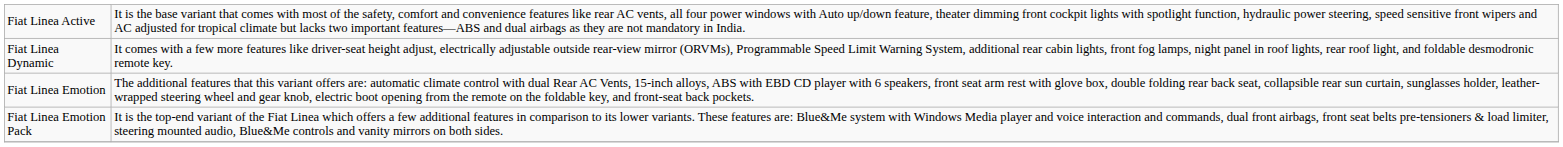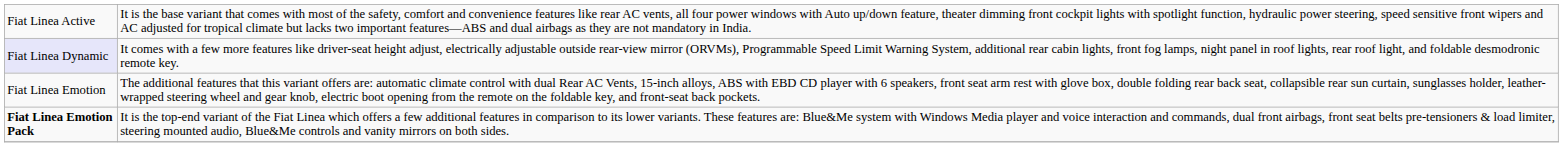 <table class="wikitable">
 <tr>
 <td>Fiat Linea Active</td>
 <td>It is the base variant that comes with most of the safety, comfort and convenience features like rear AC vents, all four power windows with Auto up/down feature, theater dimming front cockpit lights with spotlight function, hydraulic power steering, speed sensitive front wipers and AC adjusted for tropical climate but lacks two important features—ABS and dual airbags as they are not mandatory in India.</td>
 </tr>
 <tr>
-<td>Fiat Linea Dynamic</td>
+<td style="background: lavender;">Fiat Linea Dynamic</td>
 <td>It comes with a few more features like driver-seat height adjust, electrically adjustable outside rear-view mirror (ORVMs), Programmable Speed Limit Warning System, additional rear cabin lights, front fog lamps, night panel in roof lights, rear roof light, and foldable desmodronic remote key.</td>
 </tr>
 <tr>
 <td>Fiat Linea Emotion</td>
 <td>The additional features that this variant offers are: automatic climate control with dual Rear AC Vents, 15-inch alloys, ABS with EBD CD player with 6 speakers, front seat arm rest with glove box, double folding rear back seat, collapsible rear sun curtain, sunglasses holder, leather-wrapped steering wheel and gear knob, electric boot opening from the remote on the foldable key, and front-seat back pockets.</td>
 </tr>
 <tr>
-<td>Fiat Linea Emotion Pack</td>
+<td><strong>Fiat Linea Emotion Pack</strong></td>
 <td>It is the top-end variant of the Fiat Linea which offers a few additional features in comparison to its lower variants. These features are: Blue&Me system with Windows Media player and voice interaction and commands, dual front airbags, front seat belts pre-tensioners & load limiter, steering mounted audio, Blue&Me controls and vanity mirrors on both sides.</td>
 </tr>
 <tr>
 </tr>
 </table>
